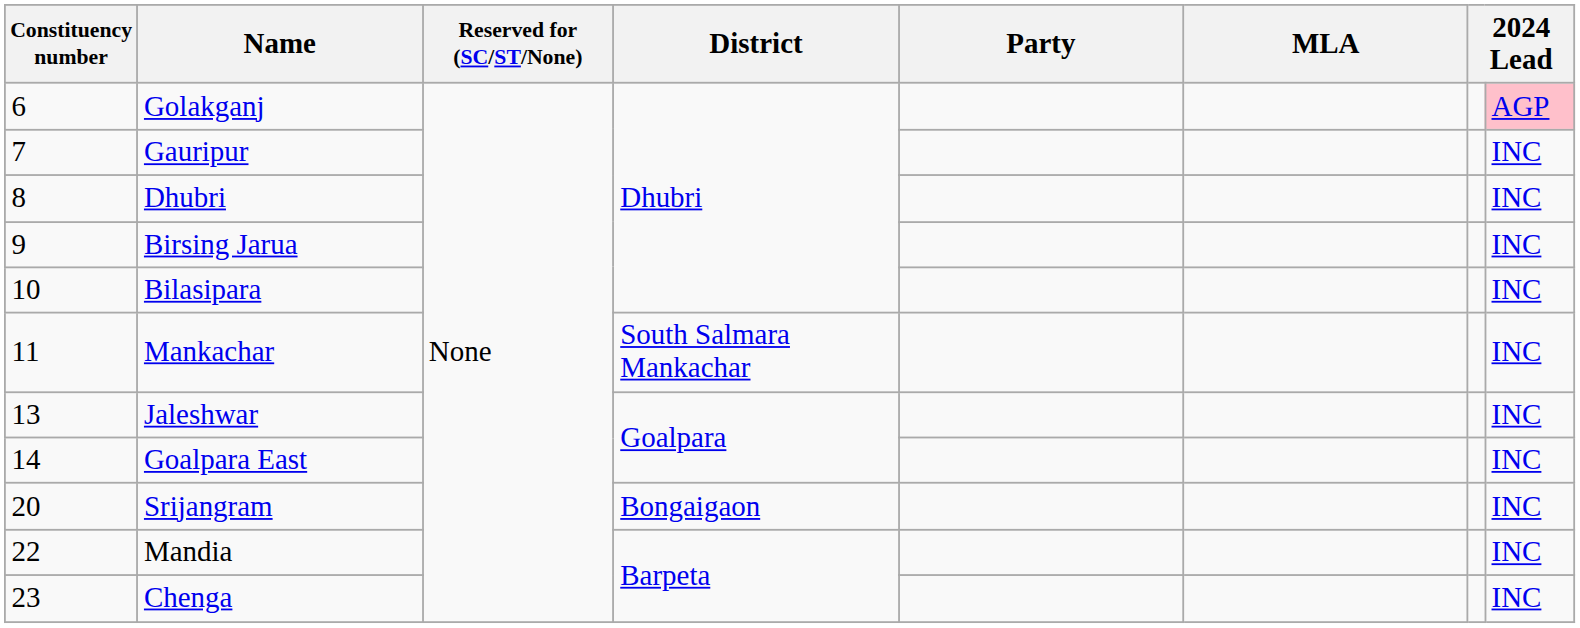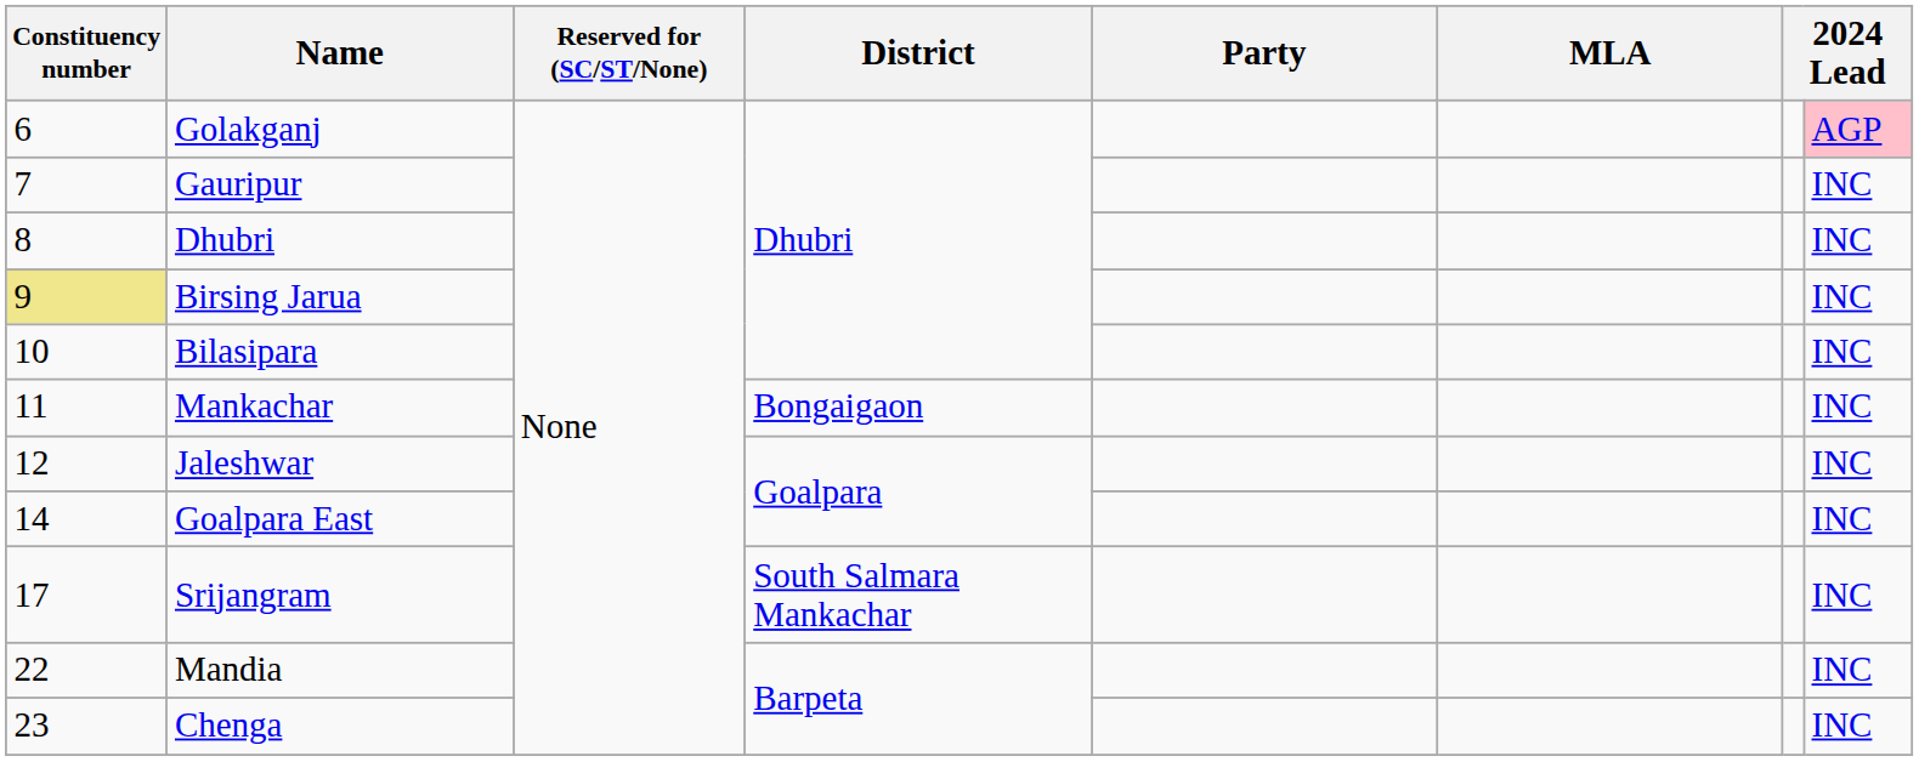 <table class="wikitable sortable">
 <tr>
 <th width="50px" style="font-size:75%">Constituency number</th>
 <th width="150px">Name</th>
 <th width="100px" style="font-size:75%">Reserved for (<a href='#'>SC</a>/<a href='#'>ST</a>/None)</th>
 <th width="150px">District</th>
 <th width="150px">Party</th>
 <th width="150px">MLA</th>
 <th colspan="2">2024 Lead</th>
 </tr>
 <tr>
 <td>6</td>
 <td><a href='#'>Golakganj</a></td>
 <td rowspan="11">None</td>
 <td rowspan="5"><a href='#'>Dhubri</a></td>
 <td></td>
 <td></td>
 <td style="background-color: "></td>
 <td style="background: pink;"><a href='#'>AGP</a></td>
 </tr>
 <tr>
 <td>7</td>
 <td><a href='#'>Gauripur</a></td>
 <td></td>
 <td></td>
 <td style="background-color: "></td>
 <td><a href='#'>INC</a></td>
 </tr>
 <tr>
 <td>8</td>
 <td><a href='#'>Dhubri</a></td>
 <td></td>
 <td></td>
 <td style="background-color: "></td>
 <td><a href='#'>INC</a></td>
 </tr>
 <tr>
-<td>9</td>
+<td style="background: khaki;">9</td>
 <td><a href='#'>Birsing Jarua</a></td>
 <td></td>
 <td></td>
 <td style="background-color: "></td>
 <td><a href='#'>INC</a></td>
 </tr>
 <tr>
 <td>10</td>
 <td><a href='#'>Bilasipara</a></td>
 <td></td>
 <td></td>
 <td style="background-color: "></td>
 <td><a href='#'>INC</a></td>
 </tr>
 <tr>
 <td>11</td>
 <td><a href='#'>Mankachar</a></td>
-<td><a href='#'>South Salmara Mankachar</a></td>
+<td><a href='#'>Bongaigaon</a></td>
 <td></td>
 <td></td>
 <td style="background-color: "></td>
 <td><a href='#'>INC</a></td>
 </tr>
 <tr>
-<td>13</td>
+<td>12</td>
 <td><a href='#'>Jaleshwar</a></td>
 <td rowspan="2"><a href='#'>Goalpara</a></td>
 <td></td>
 <td></td>
 <td style="background-color: "></td>
 <td><a href='#'>INC</a></td>
 </tr>
 <tr>
 <td>14</td>
 <td><a href='#'>Goalpara East</a></td>
 <td></td>
 <td></td>
 <td style="background-color: "></td>
 <td><a href='#'>INC</a></td>
 </tr>
 <tr>
-<td>20</td>
+<td>17</td>
 <td><a href='#'>Srijangram</a></td>
-<td><a href='#'>Bongaigaon</a></td>
+<td><a href='#'>South Salmara Mankachar</a></td>
 <td></td>
 <td></td>
 <td style="background-color: "></td>
 <td><a href='#'>INC</a></td>
 </tr>
 <tr>
 <td>22</td>
 <td>Mandia</td>
 <td rowspan="2"><a href='#'>Barpeta</a></td>
 <td></td>
 <td></td>
 <td style="background-color: "></td>
 <td><a href='#'>INC</a></td>
 </tr>
 <tr>
 <td>23</td>
 <td><a href='#'>Chenga</a></td>
 <td></td>
 <td></td>
 <td style="background-color: "></td>
 <td><a href='#'>INC</a></td>
 </tr>
 </table>
